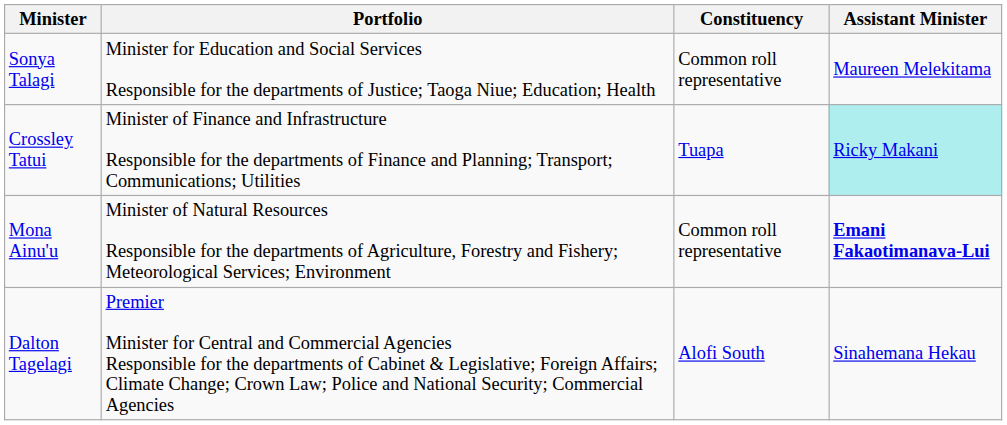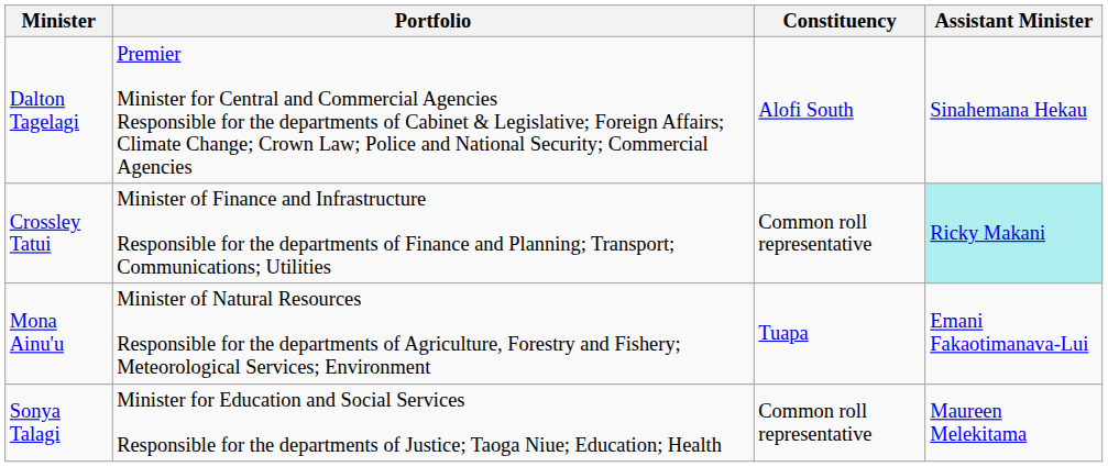 <table class="wikitable">
 <tr>
 <th>Minister</th>
 <th>Portfolio</th>
 <th>Constituency</th>
 <th>Assistant Minister</th>
 </tr>
 <tr>
+<td><a href='#'>Dalton Tagelagi</a></td>
+<td><a href='#'>Premier</a><br><br>Minister for Central and Commercial Agencies<br> Responsible for the departments of Cabinet & Legislative; Foreign Affairs; Climate Change; Crown Law; Police and National Security; Commercial Agencies</td>
+<td><a href='#'>Alofi South</a></td>
+<td><a href='#'>Sinahemana Hekau</a></td>
+</tr>
+<tr>
+<td><a href='#'>Crossley Tatui</a></td>
+<td>Minister of Finance and Infrastructure<br><br>Responsible for the departments of Finance and Planning; Transport; Communications; Utilities</td>
+<td>Common roll representative</td>
+<td style="background: paleturquoise;"><a href='#'>Ricky Makani</a></td>
+</tr>
+<tr>
+<td><a href='#'>Mona Ainu'u</a></td>
+<td>Minister of Natural Resources<br><br>Responsible for the departments of Agriculture, Forestry and Fishery; Meteorological Services; Environment</td>
+<td><a href='#'>Tuapa</a></td>
+<td><a href='#'>Emani Fakaotimanava-Lui</a></td>
+</tr>
+<tr>
 <td><a href='#'>Sonya Talagi</a></td>
 <td>Minister for Education and Social Services<br><br>Responsible for the departments of Justice; Taoga Niue; Education; Health</td>
 <td>Common roll representative</td>
 <td><a href='#'>Maureen Melekitama</a></td>
 </tr>
-<tr>
-<td><a href='#'>Crossley Tatui</a></td>
-<td>Minister of Finance and Infrastructure<br><br>Responsible for the departments of Finance and Planning; Transport; Communications; Utilities</td>
-<td><a href='#'>Tuapa</a></td>
-<td style="background: paleturquoise;"><a href='#'>Ricky Makani</a></td>
-</tr>
-<tr>
-<td><a href='#'>Mona Ainu'u</a></td>
-<td>Minister of Natural Resources<br><br>Responsible for the departments of Agriculture, Forestry and Fishery; Meteorological Services; Environment</td>
-<td>Common roll representative</td>
-<td><strong><a href='#'>Emani Fakaotimanava-Lui</a></strong></td>
-</tr>
-<tr>
-<td><a href='#'>Dalton Tagelagi</a></td>
-<td><a href='#'>Premier</a><br><br>Minister for Central and Commercial Agencies<br> Responsible for the departments of Cabinet & Legislative; Foreign Affairs; Climate Change; Crown Law; Police and National Security; Commercial Agencies</td>
-<td><a href='#'>Alofi South</a></td>
-<td><a href='#'>Sinahemana Hekau</a></td>
-</tr>
 </table>
